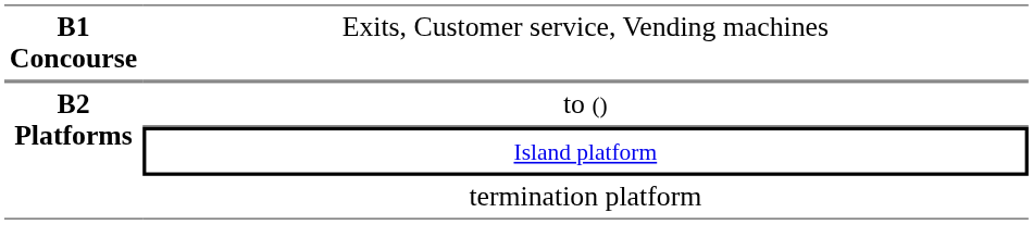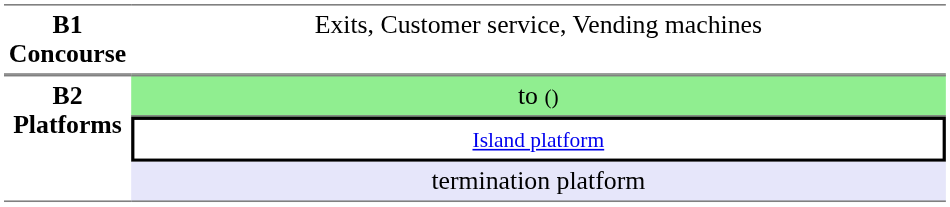 <table table border=0 cellspacing=0 cellpadding=3>
 <tr>
 <td style="border-bottom:solid 1px gray; border-top:solid 1px gray;text-align:center" valign=top><strong>B1<br>Concourse</strong></td>
 <td style="border-bottom:solid 1px gray; border-top:solid 1px gray;text-align:center;" valign=top width=500>Exits, Customer service, Vending machines</td>
 </tr>
 <tr>
 <td style="border-bottom:solid 1px gray; border-top:solid 1px gray;text-align:center" rowspan="3" valign=top><strong>B2<br>Platforms</strong></td>
-<td style="border-bottom:solid 1px gray; border-top:solid 1px gray;text-align:center;">  to  <small>()</small></td>
+<td style="background: lightgreen; border-bottom:solid 1px gray; border-top:solid 1px gray;text-align:center;">  to  <small>()</small></td>
 </tr>
 <tr>
 <td style="border-right:solid 2px black;border-left:solid 2px black;border-top:solid 2px black;border-bottom:solid 2px black;text-align:center;" colspan=2><small><a href='#'>Island platform</a></small></td>
 </tr>
 <tr>
-<td style="border-bottom:solid 1px gray;text-align:center;"> termination platform </td>
+<td style="background: lavender; border-bottom:solid 1px gray;text-align:center;"> termination platform </td>
 </tr>
 </table>
